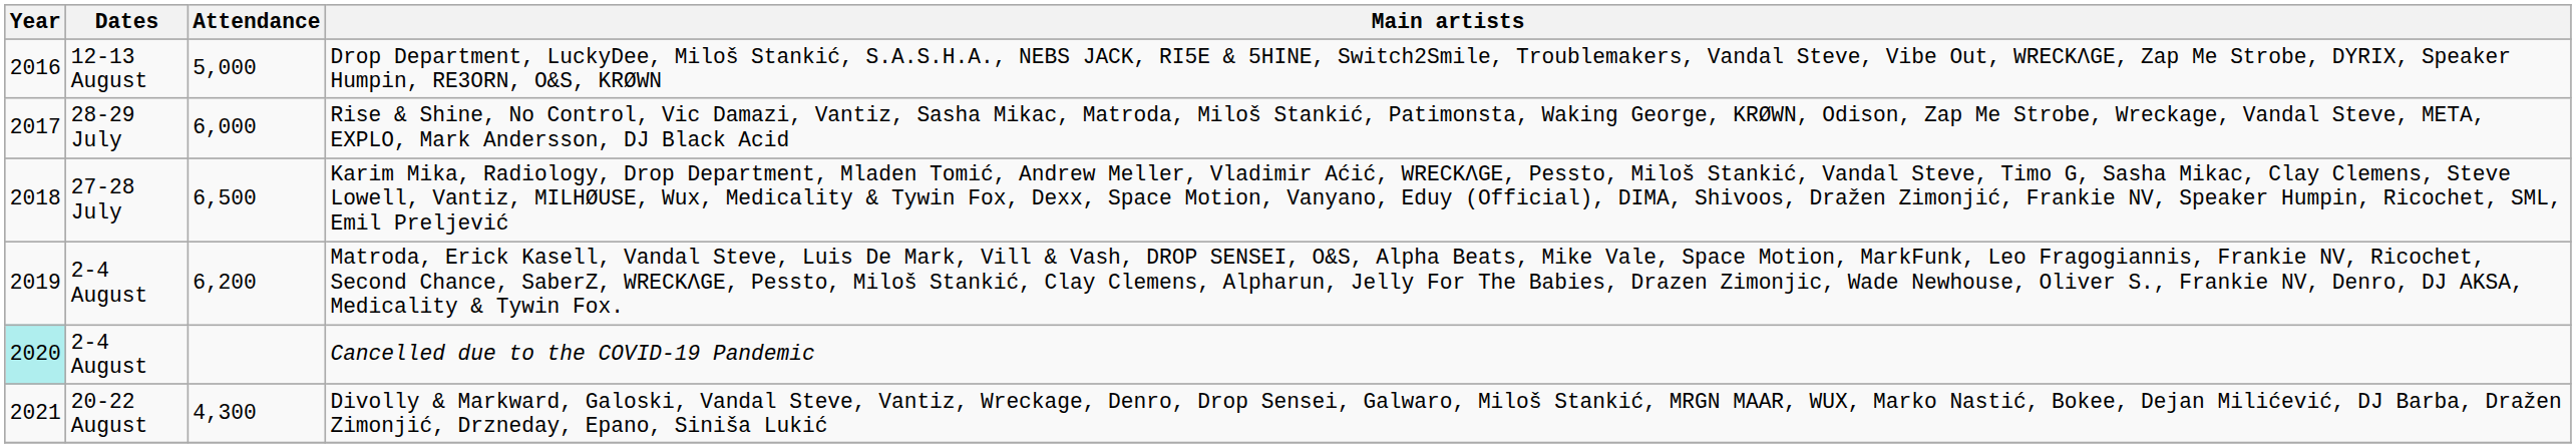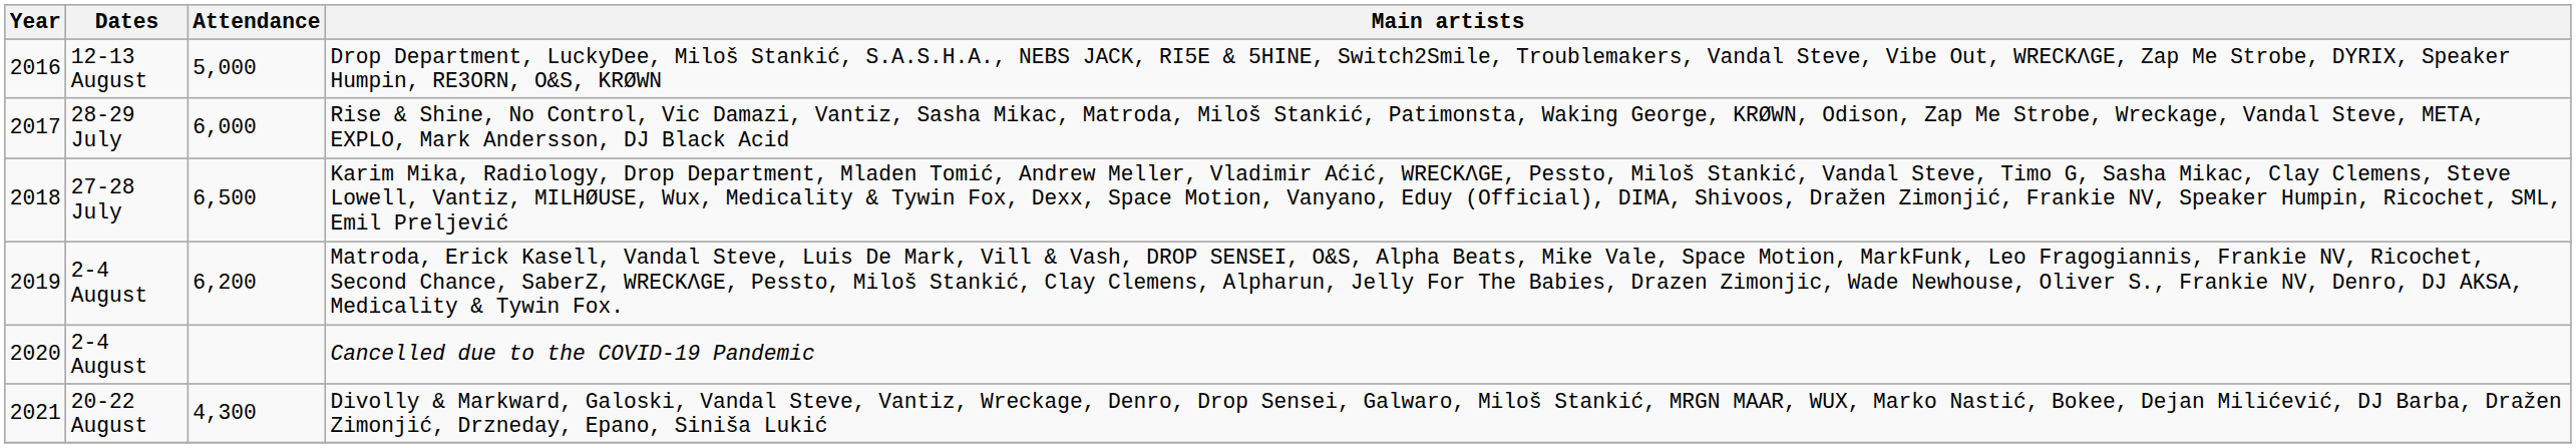 <table class="wikitable sortable">
 <tr>
 <th>Year</th>
 <th>Dates</th>
 <th>Attendance</th>
 <th class="unsortable">Main artists</th>
 </tr>
 <tr>
 <td>2016</td>
 <td>12-13 August</td>
 <td>5,000</td>
 <td>Drop Department, LuckyDee, Miloš Stankić, S.A.S.H.A., NEBS JACK, RI5E & 5HINE, Switch2Smile, Troublemakers, Vandal Steve, Vibe Out, WRECKΛGE, Zap Me Strobe, DYRIX, Speaker Humpin, RE3ORN, O&S, KRØWN</td>
 </tr>
 <tr>
 <td>2017</td>
 <td>28-29 July</td>
 <td>6,000</td>
 <td>Rise & Shine, No Control, Vic Damazi, Vantiz, Sasha Mikac, Matroda, Miloš Stankić, Patimonsta, Waking George, KRØWN, Odison, Zap Me Strobe, Wreckage, Vandal Steve, META, EXPLO, Mark Andersson, DJ Black Acid</td>
 </tr>
 <tr>
 <td>2018</td>
 <td>27-28 July</td>
 <td>6,500</td>
 <td>Karim Mika, Radiology, Drop Department, Mladen Tomić, Andrew Meller, Vladimir Aćić, WRECKΛGE, Pessto, Miloš Stankić, Vandal Steve, Timo G, Sasha Mikac, Clay Clemens, Steve Lowell, Vantiz, MILHØUSE, Wux, Medicality & Tywin Fox, Dexx, Space Motion, Vanyano, Eduy (Official), DIMA, Shivoos, Dražen Zimonjić, Frankie NV, Speaker Humpin, Ricochet, SML, Emil Preljević</td>
 </tr>
 <tr>
 <td>2019</td>
 <td>2-4 August</td>
 <td>6,200</td>
 <td>Matroda, Erick Kasell, Vandal Steve, Luis De Mark, Vill & Vash, DROP SENSEI, O&S, Alpha Beats, Mike Vale, Space Motion, MarkFunk, Leo Fragogiannis, Frankie NV, Ricochet, Second Chance, SaberZ, WRECKΛGE, Pessto, Miloš Stankić, Clay Clemens, Alpharun, Jelly For The Babies, Drazen Zimonjic, Wade Newhouse, Oliver S., Frankie NV, Denro, DJ AKSA, Medicality & Tywin Fox.</td>
 </tr>
 <tr>
-<td style="background: paleturquoise;">2020</td>
+<td>2020</td>
 <td>2-4 August</td>
 <td></td>
 <td><em>Cancelled due to the COVID-19 Pandemic</em></td>
 </tr>
 <tr>
 <td>2021</td>
 <td>20-22 August</td>
 <td>4,300</td>
 <td>Divolly & Markward, Galoski, Vandal Steve, Vantiz, Wreckage, Denro, Drop Sensei, Galwaro, Miloš Stankić, MRGN MAAR, WUX, Marko Nastić, Bokee, Dejan Milićević, DJ Barba, Dražen Zimonjić, Drzneday, Epano, Siniša Lukić</td>
 </tr>
 <tr>
 </tr>
 </table>
